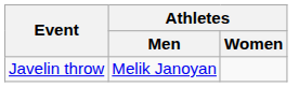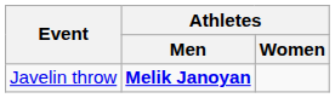 <table class=wikitable style="font-size:90%">
 <tr>
 <th rowspan=2>Event</th>
 <th colspan=2>Athletes</th>
 </tr>
 <tr>
 <th>Men</th>
 <th>Women</th>
 </tr>
 <tr>
 <td><a href='#'>Javelin throw</a></td>
-<td><a href='#'>Melik Janoyan</a></td>
+<td><strong><a href='#'>Melik Janoyan</a></strong></td>
 <td></td>
 </tr>
 </table>
